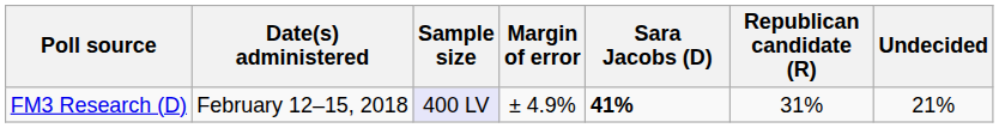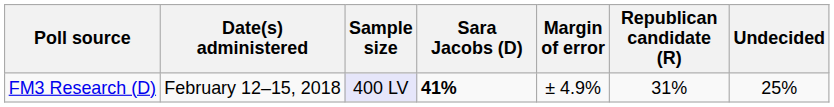 <table class="wikitable">
 <tr>
 <th>Poll source</th>
 <th>Date(s)<br>administered</th>
 <th>Sample<br>size</th>
+<th style="width:100px;">Sara<br>Jacobs (D)</th>
 <th>Margin<br>of error</th>
-<th style="width:100px;">Sara<br>Jacobs (D)</th>
 <th style="width:100px;">Republican<br>candidate (R)</th>
 <th>Undecided</th>
 </tr>
 <tr>
 <td><a href='#'>FM3 Research (D)</a></td>
 <td style="text-align:center">February 12–15, 2018</td>
 <td style="background: lavender; text-align:center">400 LV</td>
+<td style="background-color:"><strong>41%</strong></td>
 <td style="text-align:center">± 4.9%</td>
-<td style="background-color:"><strong>41%</strong></td>
 <td style="text-align:center">31%</td>
-<td style="text-align:center">21%</td>
+<td style="text-align:center">25%</td>
 </tr>
 </table>
